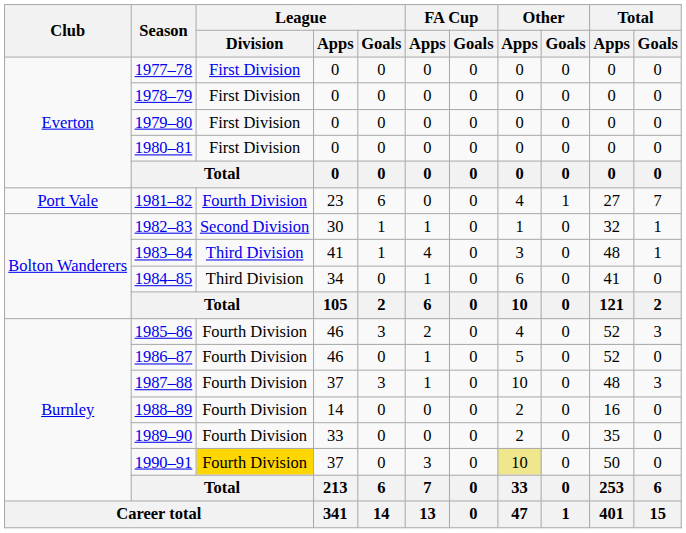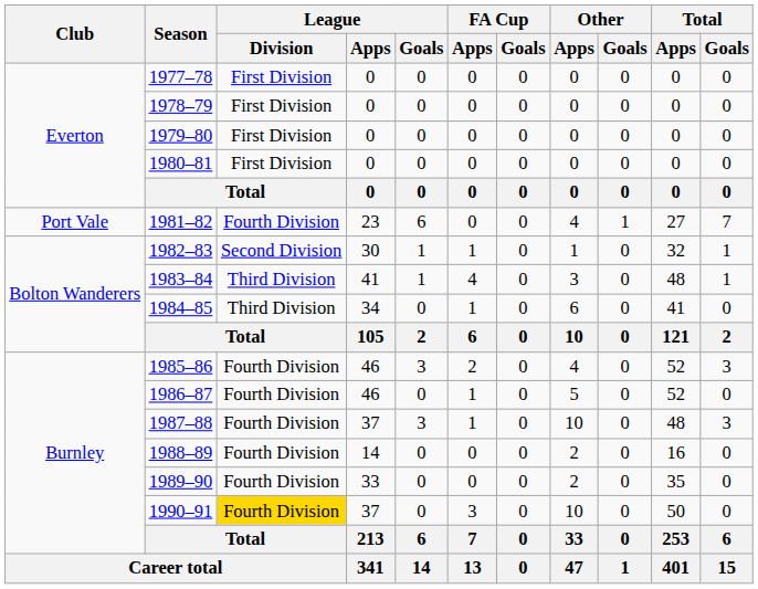 <table class="wikitable" style="text-align: center;">
 <tr>
 <th rowspan="2">Club</th>
 <th rowspan="2">Season</th>
 <th colspan="3">League</th>
 <th colspan="2">FA Cup</th>
 <th colspan="2">Other</th>
 <th colspan="2">Total</th>
 </tr>
 <tr>
 <th>Division</th>
 <th>Apps</th>
 <th>Goals</th>
 <th>Apps</th>
 <th>Goals</th>
 <th>Apps</th>
 <th>Goals</th>
 <th>Apps</th>
 <th>Goals</th>
 </tr>
 <tr>
 <td rowspan="5"><a href='#'>Everton</a></td>
 <td><a href='#'>1977–78</a></td>
 <td><a href='#'>First Division</a></td>
 <td>0</td>
 <td>0</td>
 <td>0</td>
 <td>0</td>
 <td>0</td>
 <td>0</td>
 <td>0</td>
 <td>0</td>
 </tr>
 <tr>
 <td><a href='#'>1978–79</a></td>
 <td>First Division</td>
 <td>0</td>
 <td>0</td>
 <td>0</td>
 <td>0</td>
 <td>0</td>
 <td>0</td>
 <td>0</td>
 <td>0</td>
 </tr>
 <tr>
 <td><a href='#'>1979–80</a></td>
 <td>First Division</td>
 <td>0</td>
 <td>0</td>
 <td>0</td>
 <td>0</td>
 <td>0</td>
 <td>0</td>
 <td>0</td>
 <td>0</td>
 </tr>
 <tr>
 <td><a href='#'>1980–81</a></td>
 <td>First Division</td>
 <td>0</td>
 <td>0</td>
 <td>0</td>
 <td>0</td>
 <td>0</td>
 <td>0</td>
 <td>0</td>
 <td>0</td>
 </tr>
 <tr>
 <th colspan="2">Total</th>
 <th>0</th>
 <th>0</th>
 <th>0</th>
 <th>0</th>
 <th>0</th>
 <th>0</th>
 <th>0</th>
 <th>0</th>
 </tr>
 <tr>
 <td><a href='#'>Port Vale</a></td>
 <td><a href='#'>1981–82</a></td>
 <td><a href='#'>Fourth Division</a></td>
 <td>23</td>
 <td>6</td>
 <td>0</td>
 <td>0</td>
 <td>4</td>
 <td>1</td>
 <td>27</td>
 <td>7</td>
 </tr>
 <tr>
 <td rowspan="4"><a href='#'>Bolton Wanderers</a></td>
 <td><a href='#'>1982–83</a></td>
 <td><a href='#'>Second Division</a></td>
 <td>30</td>
 <td>1</td>
 <td>1</td>
 <td>0</td>
 <td>1</td>
 <td>0</td>
 <td>32</td>
 <td>1</td>
 </tr>
 <tr>
 <td><a href='#'>1983–84</a></td>
 <td><a href='#'>Third Division</a></td>
 <td>41</td>
 <td>1</td>
 <td>4</td>
 <td>0</td>
 <td>3</td>
 <td>0</td>
 <td>48</td>
 <td>1</td>
 </tr>
 <tr>
 <td><a href='#'>1984–85</a></td>
 <td>Third Division</td>
 <td>34</td>
 <td>0</td>
 <td>1</td>
 <td>0</td>
 <td>6</td>
 <td>0</td>
 <td>41</td>
 <td>0</td>
 </tr>
 <tr>
 <th colspan="2">Total</th>
 <th>105</th>
 <th>2</th>
 <th>6</th>
 <th>0</th>
 <th>10</th>
 <th>0</th>
 <th>121</th>
 <th>2</th>
 </tr>
 <tr>
 <td rowspan="7"><a href='#'>Burnley</a></td>
 <td><a href='#'>1985–86</a></td>
 <td>Fourth Division</td>
 <td>46</td>
 <td>3</td>
 <td>2</td>
 <td>0</td>
 <td>4</td>
 <td>0</td>
 <td>52</td>
 <td>3</td>
 </tr>
 <tr>
 <td><a href='#'>1986–87</a></td>
 <td>Fourth Division</td>
 <td>46</td>
 <td>0</td>
 <td>1</td>
 <td>0</td>
 <td>5</td>
 <td>0</td>
 <td>52</td>
 <td>0</td>
 </tr>
 <tr>
 <td><a href='#'>1987–88</a></td>
 <td>Fourth Division</td>
 <td>37</td>
 <td>3</td>
 <td>1</td>
 <td>0</td>
 <td>10</td>
 <td>0</td>
 <td>48</td>
 <td>3</td>
 </tr>
 <tr>
 <td><a href='#'>1988–89</a></td>
 <td>Fourth Division</td>
 <td>14</td>
 <td>0</td>
 <td>0</td>
 <td>0</td>
 <td>2</td>
 <td>0</td>
 <td>16</td>
 <td>0</td>
 </tr>
 <tr>
 <td><a href='#'>1989–90</a></td>
 <td>Fourth Division</td>
 <td>33</td>
 <td>0</td>
 <td>0</td>
 <td>0</td>
 <td>2</td>
 <td>0</td>
 <td>35</td>
 <td>0</td>
 </tr>
 <tr>
 <td><a href='#'>1990–91</a></td>
 <td style="background: gold;">Fourth Division</td>
 <td>37</td>
 <td>0</td>
 <td>3</td>
 <td>0</td>
-<td style="background: khaki;">10</td>
+<td>10</td>
 <td>0</td>
 <td>50</td>
 <td>0</td>
 </tr>
 <tr>
 <th colspan="2">Total</th>
 <th>213</th>
 <th>6</th>
 <th>7</th>
 <th>0</th>
 <th>33</th>
 <th>0</th>
 <th>253</th>
 <th>6</th>
 </tr>
 <tr>
 <th colspan="3">Career total</th>
 <th>341</th>
 <th>14</th>
 <th>13</th>
 <th>0</th>
 <th>47</th>
 <th>1</th>
 <th>401</th>
 <th>15</th>
 </tr>
 </table>
